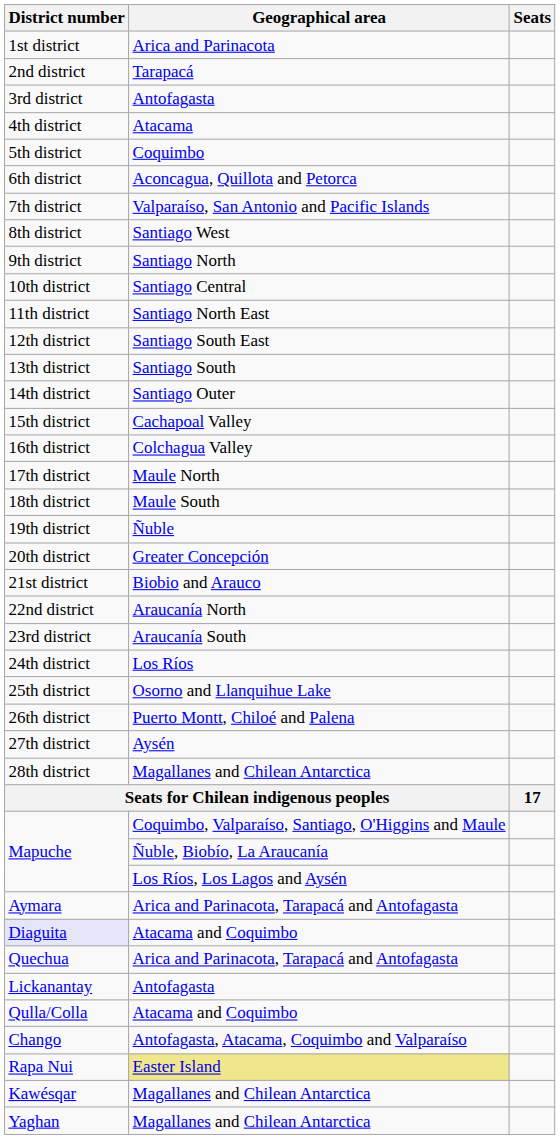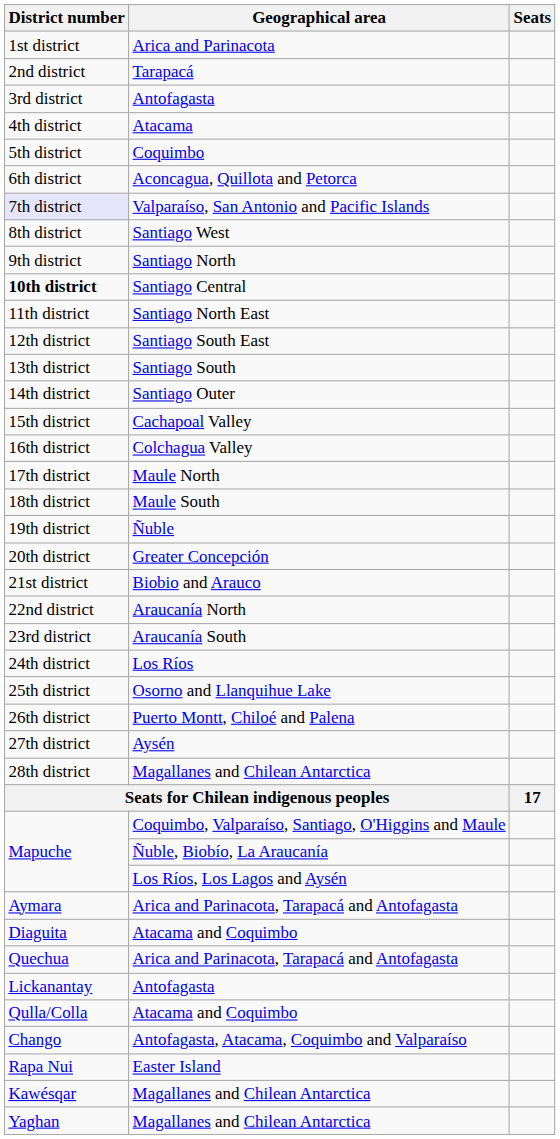 <table class="wikitable mw-collapsible autocollapse">
 <tr>
 <th>District number</th>
 <th>Geographical area</th>
 <th>Seats</th>
 </tr>
 <tr>
 <td>1st district</td>
 <td><a href='#'>Arica and Parinacota</a></td>
 <td></td>
 </tr>
 <tr>
 <td>2nd district</td>
 <td><a href='#'>Tarapacá</a></td>
 <td></td>
 </tr>
 <tr>
 <td>3rd district</td>
 <td><a href='#'>Antofagasta</a></td>
 <td></td>
 </tr>
 <tr>
 <td>4th district</td>
 <td><a href='#'>Atacama</a></td>
 <td></td>
 </tr>
 <tr>
 <td>5th district</td>
 <td><a href='#'>Coquimbo</a></td>
 <td></td>
 </tr>
 <tr>
 <td>6th district</td>
 <td><a href='#'>Aconcagua</a>, <a href='#'>Quillota</a> and <a href='#'>Petorca</a></td>
 <td></td>
 </tr>
 <tr>
-<td>7th district</td>
+<td style="background: lavender;">7th district</td>
 <td><a href='#'>Valparaíso</a>, <a href='#'>San Antonio</a> and <a href='#'>Pacific Islands</a></td>
 <td></td>
 </tr>
 <tr>
 <td>8th district</td>
 <td><a href='#'>Santiago</a> West</td>
 <td></td>
 </tr>
 <tr>
 <td>9th district</td>
 <td><a href='#'>Santiago</a> North</td>
 <td></td>
 </tr>
 <tr>
-<td>10th district</td>
+<td><strong>10th district</strong></td>
 <td><a href='#'>Santiago</a> Central</td>
 <td></td>
 </tr>
 <tr>
 <td>11th district</td>
 <td><a href='#'>Santiago</a> North East</td>
 <td></td>
 </tr>
 <tr>
 <td>12th district</td>
 <td><a href='#'>Santiago</a> South East</td>
 <td></td>
 </tr>
 <tr>
 <td>13th district</td>
 <td><a href='#'>Santiago</a> South</td>
 <td></td>
 </tr>
 <tr>
 <td>14th district</td>
 <td><a href='#'>Santiago</a> Outer</td>
 <td></td>
 </tr>
 <tr>
 <td>15th district</td>
 <td><a href='#'>Cachapoal</a> Valley</td>
 <td></td>
 </tr>
 <tr>
 <td>16th district</td>
 <td><a href='#'>Colchagua</a> Valley</td>
 <td></td>
 </tr>
 <tr>
 <td>17th district</td>
 <td><a href='#'>Maule</a> North</td>
 <td></td>
 </tr>
 <tr>
 <td>18th district</td>
 <td><a href='#'>Maule</a> South</td>
 <td></td>
 </tr>
 <tr>
 <td>19th district</td>
 <td><a href='#'>Ñuble</a></td>
 <td></td>
 </tr>
 <tr>
 <td>20th district</td>
 <td><a href='#'>Greater Concepción</a></td>
 <td></td>
 </tr>
 <tr>
 <td>21st district</td>
 <td><a href='#'>Biobio</a> and <a href='#'>Arauco</a></td>
 <td></td>
 </tr>
 <tr>
 <td>22nd district</td>
 <td><a href='#'>Araucanía</a> North</td>
 <td></td>
 </tr>
 <tr>
 <td>23rd district</td>
 <td><a href='#'>Araucanía</a> South</td>
 <td></td>
 </tr>
 <tr>
 <td>24th district</td>
 <td><a href='#'>Los Ríos</a></td>
 <td></td>
 </tr>
 <tr>
 <td>25th district</td>
 <td><a href='#'>Osorno</a> and <a href='#'>Llanquihue Lake</a></td>
 <td></td>
 </tr>
 <tr>
 <td>26th district</td>
 <td><a href='#'>Puerto Montt</a>, <a href='#'>Chiloé</a> and <a href='#'>Palena</a></td>
 <td></td>
 </tr>
 <tr>
 <td>27th district</td>
 <td><a href='#'>Aysén</a></td>
 <td></td>
 </tr>
 <tr>
 <td>28th district</td>
 <td><a href='#'>Magallanes</a> and <a href='#'>Chilean Antarctica</a></td>
 <td></td>
 </tr>
 <tr>
 <th colspan=2>Seats for Chilean indigenous peoples</th>
 <th>17</th>
 </tr>
 <tr>
 <td rowspan="3"><a href='#'>Mapuche</a></td>
 <td><a href='#'>Coquimbo</a>, <a href='#'>Valparaíso</a>, <a href='#'>Santiago</a>, <a href='#'>O'Higgins</a> and <a href='#'>Maule</a></td>
 <td></td>
 </tr>
 <tr>
 <td><a href='#'>Ñuble</a>, <a href='#'>Biobío</a>, <a href='#'>La Araucanía</a></td>
 <td></td>
 </tr>
 <tr>
 <td><a href='#'>Los Ríos</a>, <a href='#'>Los Lagos</a> and <a href='#'>Aysén</a></td>
 <td></td>
 </tr>
 <tr>
 <td><a href='#'>Aymara</a></td>
 <td><a href='#'>Arica and Parinacota</a>, <a href='#'>Tarapacá</a> and <a href='#'>Antofagasta</a></td>
 <td></td>
 </tr>
 <tr>
-<td style="background: lavender;"><a href='#'>Diaguita</a></td>
+<td><a href='#'>Diaguita</a></td>
 <td><a href='#'>Atacama</a> and <a href='#'>Coquimbo</a></td>
 <td></td>
 </tr>
 <tr>
 <td><a href='#'>Quechua</a></td>
 <td><a href='#'>Arica and Parinacota</a>, <a href='#'>Tarapacá</a> and <a href='#'>Antofagasta</a></td>
 <td></td>
 </tr>
 <tr>
 <td><a href='#'>Lickanantay</a></td>
 <td><a href='#'>Antofagasta</a></td>
 <td></td>
 </tr>
 <tr>
 <td><a href='#'>Qulla/Colla</a></td>
 <td><a href='#'>Atacama</a> and <a href='#'>Coquimbo</a></td>
 <td></td>
 </tr>
 <tr>
 <td><a href='#'>Chango</a></td>
 <td><a href='#'>Antofagasta</a>, <a href='#'>Atacama</a>, <a href='#'>Coquimbo</a> and <a href='#'>Valparaíso</a></td>
 <td></td>
 </tr>
 <tr>
 <td><a href='#'>Rapa Nui</a></td>
-<td style="background: khaki;"><a href='#'>Easter Island</a></td>
+<td><a href='#'>Easter Island</a></td>
 <td></td>
 </tr>
 <tr>
 <td><a href='#'>Kawésqar</a></td>
 <td><a href='#'>Magallanes</a> and <a href='#'>Chilean Antarctica</a></td>
 <td></td>
 </tr>
 <tr>
 <td><a href='#'>Yaghan</a></td>
 <td><a href='#'>Magallanes</a> and <a href='#'>Chilean Antarctica</a></td>
 <td></td>
 </tr>
 </table>
